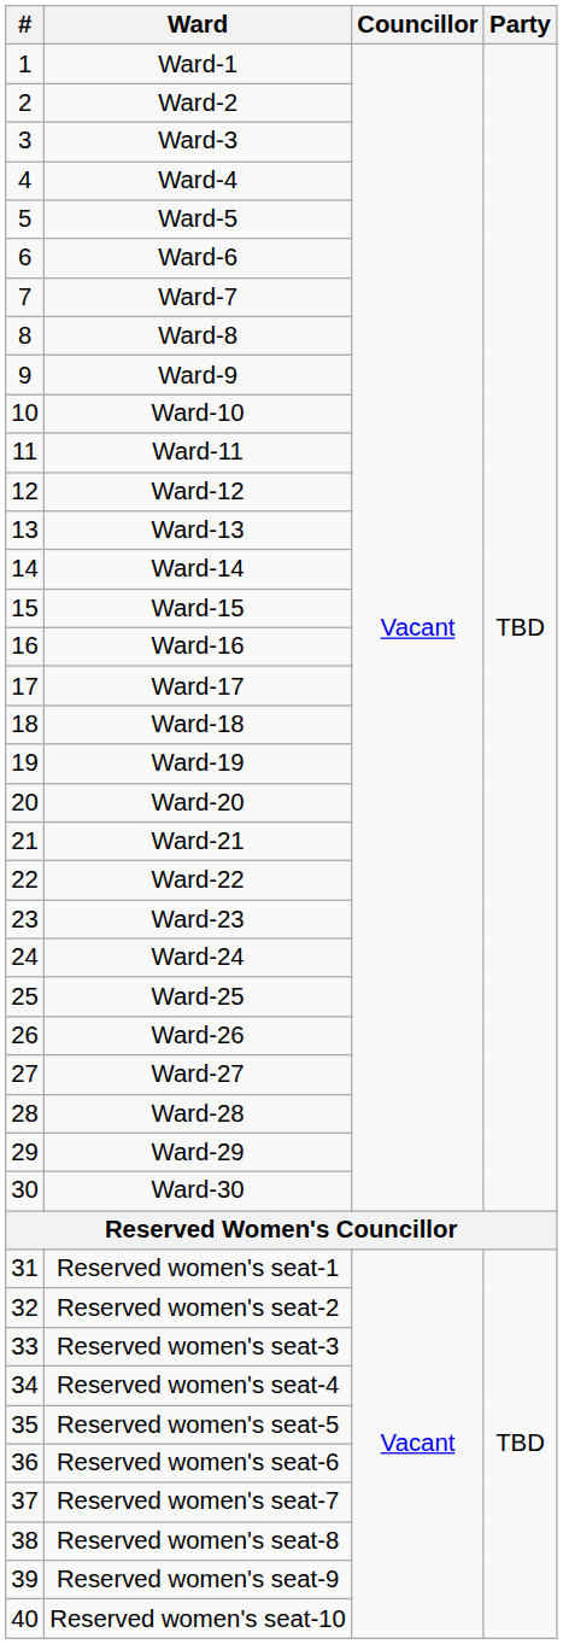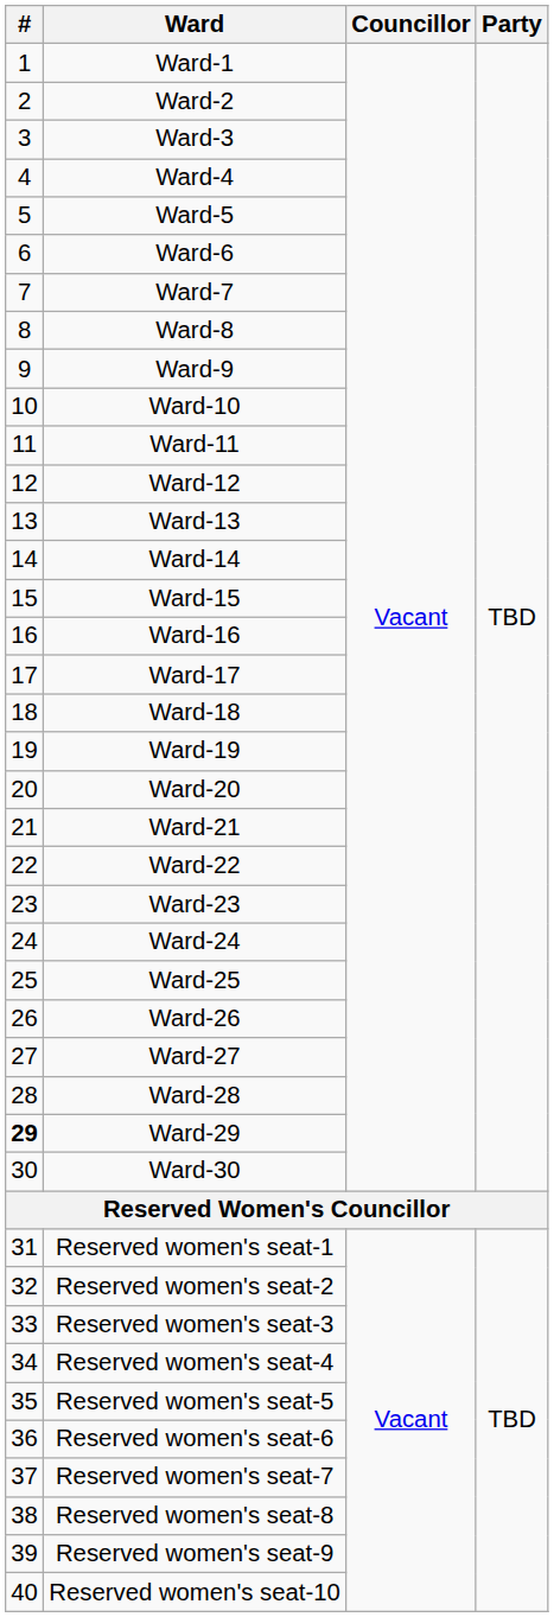 <table class="wikitable sortable" style="text-align:center;">
 <tr>
 <th>#</th>
 <th>Ward</th>
 <th>Councillor</th>
 <th colspan="2">Party</th>
 </tr>
 <tr>
 <td>1</td>
 <td>Ward-1</td>
 <td rowspan="30"><a href='#'>Vacant</a></td>
 <td colspan="2" rowspan="30" bgcolor="">TBD</td>
 </tr>
 <tr>
 <td>2</td>
 <td>Ward-2</td>
 </tr>
 <tr>
 <td>3</td>
 <td>Ward-3</td>
 </tr>
 <tr>
 <td>4</td>
 <td>Ward-4</td>
 </tr>
 <tr>
 <td>5</td>
 <td>Ward-5</td>
 </tr>
 <tr>
 <td>6</td>
 <td>Ward-6</td>
 </tr>
 <tr>
 <td>7</td>
 <td>Ward-7</td>
 </tr>
 <tr>
 <td>8</td>
 <td>Ward-8</td>
 </tr>
 <tr>
 <td>9</td>
 <td>Ward-9</td>
 </tr>
 <tr>
 <td>10</td>
 <td>Ward-10</td>
 </tr>
 <tr>
 <td>11</td>
 <td>Ward-11</td>
 </tr>
 <tr>
 <td>12</td>
 <td>Ward-12</td>
 </tr>
 <tr>
 <td>13</td>
 <td>Ward-13</td>
 </tr>
 <tr>
 <td>14</td>
 <td>Ward-14</td>
 </tr>
 <tr>
 <td>15</td>
 <td>Ward-15</td>
 </tr>
 <tr>
 <td>16</td>
 <td>Ward-16</td>
 </tr>
 <tr>
 <td>17</td>
 <td>Ward-17</td>
 </tr>
 <tr>
 <td>18</td>
 <td>Ward-18</td>
 </tr>
 <tr>
 <td>19</td>
 <td>Ward-19</td>
 </tr>
 <tr>
 <td>20</td>
 <td>Ward-20</td>
 </tr>
 <tr>
 <td>21</td>
 <td>Ward-21</td>
 </tr>
 <tr>
 <td>22</td>
 <td>Ward-22</td>
 </tr>
 <tr>
 <td>23</td>
 <td>Ward-23</td>
 </tr>
 <tr>
 <td>24</td>
 <td>Ward-24</td>
 </tr>
 <tr>
 <td>25</td>
 <td>Ward-25</td>
 </tr>
 <tr>
 <td>26</td>
 <td>Ward-26</td>
 </tr>
 <tr>
 <td>27</td>
 <td>Ward-27</td>
 </tr>
 <tr>
 <td>28</td>
 <td>Ward-28</td>
 </tr>
 <tr>
-<td>29</td>
+<td><strong>29</strong></td>
 <td>Ward-29</td>
 </tr>
 <tr>
 <td>30</td>
 <td>Ward-30</td>
 </tr>
 <tr>
 <th colspan="5"><strong>Reserved Women's Councillor</strong></th>
 </tr>
 <tr>
 <td>31</td>
 <td>Reserved women's seat-1</td>
 <td rowspan="10"><a href='#'>Vacant</a></td>
 <td colspan="2" rowspan="10" bgcolor="">TBD</td>
 </tr>
 <tr>
 <td>32</td>
 <td>Reserved women's seat-2</td>
 </tr>
 <tr>
 <td>33</td>
 <td>Reserved women's seat-3</td>
 </tr>
 <tr>
 <td>34</td>
 <td>Reserved women's seat-4</td>
 </tr>
 <tr>
 <td>35</td>
 <td>Reserved women's seat-5</td>
 </tr>
 <tr>
 <td>36</td>
 <td>Reserved women's seat-6</td>
 </tr>
 <tr>
 <td>37</td>
 <td>Reserved women's seat-7</td>
 </tr>
 <tr>
 <td>38</td>
 <td>Reserved women's seat-8</td>
 </tr>
 <tr>
 <td>39</td>
 <td>Reserved women's seat-9</td>
 </tr>
 <tr>
 <td>40</td>
 <td>Reserved women's seat-10</td>
 </tr>
 <tr>
 </tr>
 </table>
